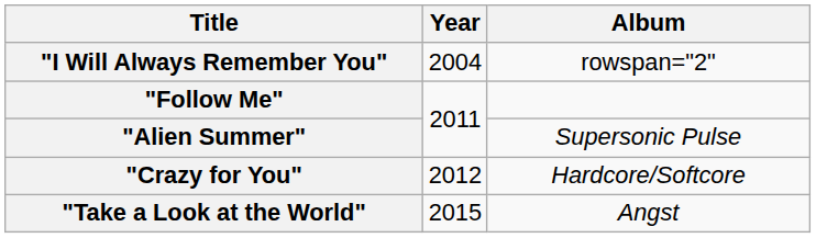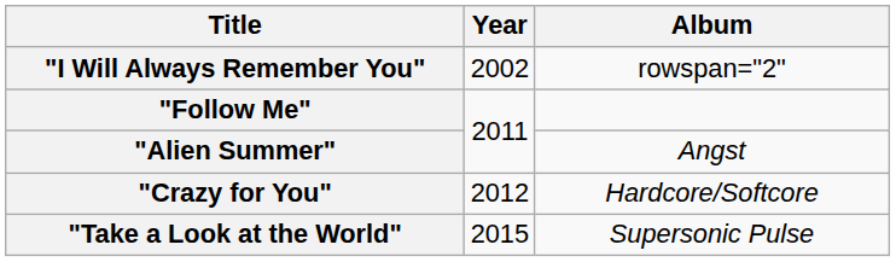 <table class="wikitable plainrowheaders" style="text-align:center;">
 <tr>
 <th scope="col" style="width:17em;">Title</th>
 <th scope="col">Year</th>
 <th scope="col" style="width:13em;">Album</th>
 </tr>
 <tr>
 <th scope="row">"I Will Always Remember You"<br></th>
-<td>2004</td>
+<td>2002</td>
 <td>rowspan="2" </td>
 </tr>
 <tr>
 <th scope="row">"Follow Me"<br></th>
 <td rowspan="2">2011</td>
 </tr>
 <tr>
 <th scope="row">"Alien Summer"<br></th>
-<td><em>Supersonic Pulse</em></td>
+<td><em>Angst</em></td>
 </tr>
 <tr>
 <th scope="row">"Crazy for You"<br></th>
 <td>2012</td>
 <td><em>Hardcore/Softcore</em></td>
 </tr>
 <tr>
 <th scope="row">"Take a Look at the World"<br></th>
 <td>2015</td>
-<td><em>Angst</em></td>
+<td><em>Supersonic Pulse</em></td>
 </tr>
 </table>
